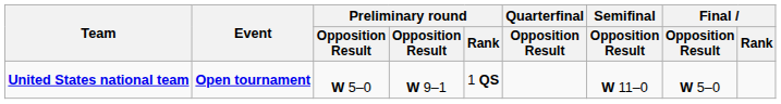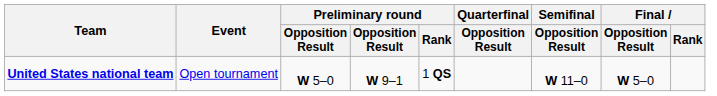 <table class=wikitable style=font-size:90%;text-align:center>
 <tr>
 <th rowspan=2>Team</th>
 <th rowspan=2>Event</th>
 <th colspan=3>Preliminary round</th>
 <th>Quarterfinal</th>
 <th>Semifinal</th>
 <th colspan=2>Final / </th>
 </tr>
 <tr style=font-size:95%>
 <th>Opposition<br>Result</th>
 <th>Opposition<br>Result</th>
 <th>Rank</th>
 <th>Opposition<br>Result</th>
 <th>Opposition<br>Result</th>
 <th>Opposition<br>Result</th>
 <th>Rank</th>
 </tr>
 <tr>
 <td align=left><strong><a href='#'>United States national team</a></strong></td>
-<td align=left><strong><a href='#'>Open tournament</a></strong></td>
+<td align=left><a href='#'>Open tournament</a></td>
 <td><br><strong>W</strong> 5–0</td>
 <td><br><strong>W</strong> 9–1</td>
 <td>1 <strong>QS</strong></td>
 <td></td>
 <td><br><strong>W</strong> 11–0</td>
 <td><br><strong>W</strong> 5–0</td>
 <td></td>
 </tr>
 </table>
